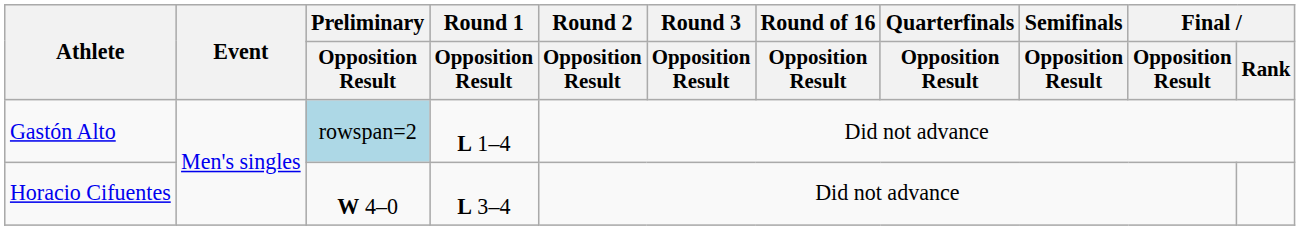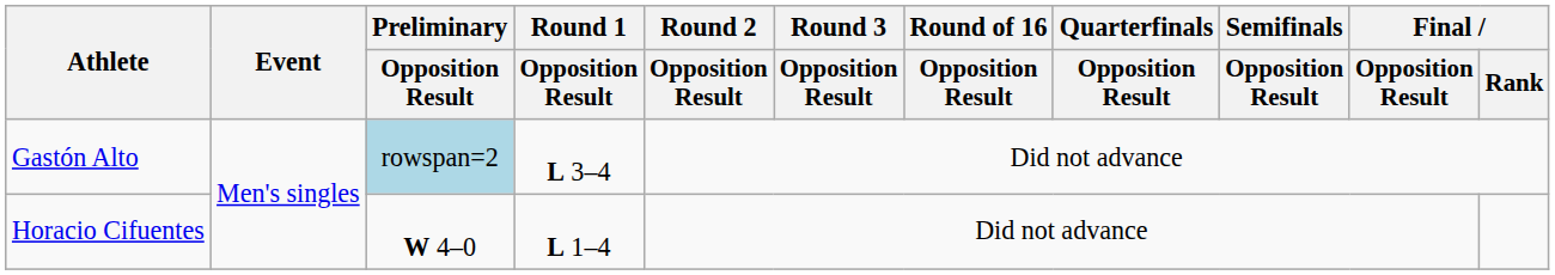 <table class="wikitable" style="font-size:90%;">
 <tr>
 <th rowspan=2>Athlete</th>
 <th rowspan=2>Event</th>
 <th>Preliminary</th>
 <th>Round 1</th>
 <th>Round 2</th>
 <th>Round 3</th>
 <th>Round of 16</th>
 <th>Quarterfinals</th>
 <th>Semifinals</th>
 <th colspan=2>Final / </th>
 </tr>
 <tr style="font-size:95%">
 <th>Opposition<br>Result</th>
 <th>Opposition<br>Result</th>
 <th>Opposition<br>Result</th>
 <th>Opposition<br>Result</th>
 <th>Opposition<br>Result</th>
 <th>Opposition<br>Result</th>
 <th>Opposition<br>Result</th>
 <th>Opposition<br>Result</th>
 <th>Rank</th>
 </tr>
 <tr align=center>
 <td align=left><a href='#'>Gastón Alto</a></td>
 <td align=left rowspan=2><a href='#'>Men's singles</a></td>
 <td style="background: lightblue;">rowspan=2 </td>
-<td><br><strong>L</strong> 1–4</td>
+<td><br><strong>L</strong> 3–4</td>
 <td colspan=7>Did not advance</td>
 </tr>
 <tr align=center>
 <td align=left><a href='#'>Horacio Cifuentes</a></td>
 <td><br><strong>W</strong> 4–0</td>
-<td><br><strong>L</strong> 3–4</td>
+<td><br><strong>L</strong> 1–4</td>
 <td colspan=6>Did not advance</td>
 </tr>
 </table>
